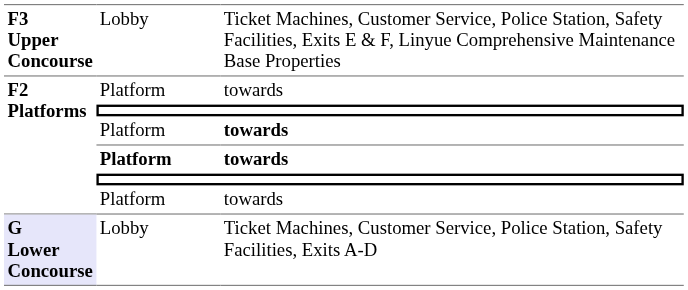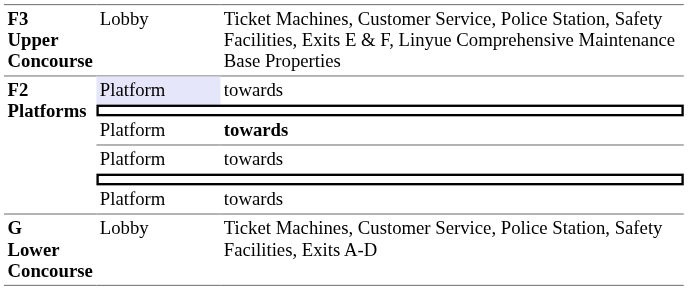 <table border=0 cellspacing=0 cellpadding=3>
 <tr>
 <td style="border-bottom:solid 1px gray; border-top:solid 1px gray;" width=50 valign=top><strong>F3<br>Upper Concourse</strong></td>
 <td style="border-bottom:solid 1px gray; border-top:solid 1px gray;" width=100 valign=top>Lobby</td>
 <td style="border-bottom:solid 1px gray; border-top:solid 1px gray;" width=390 valign=top>Ticket Machines, Customer Service, Police Station, Safety Facilities, Exits E & F, Linyue Comprehensive Maintenance Base Properties</td>
 </tr>
 <tr>
 <td style="border-bottom:solid 1px gray;" rowspan=6 valign=top><strong>F2<br>Platforms</strong></td>
-<td>Platform </td>
+<td style="background: lavender;">Platform </td>
 <td>  towards  </td>
 </tr>
 <tr>
 <td style="border-right:solid 2px black;border-left:solid 2px black;border-top:solid 2px black;border-bottom:solid 2px black;text-align:center;" colspan=2></td>
 </tr>
 <tr>
 <td style="border-bottom:solid 1px gray;">Platform </td>
 <td style="border-bottom:solid 1px gray;"><strong>  towards  </strong></td>
 </tr>
 <tr>
-<td><strong>Platform </strong></td>
-<td><strong> towards   </strong></td>
+<td>Platform </td>
+<td> towards   </td>
 </tr>
 <tr>
 <td style="border-right:solid 2px black;border-left:solid 2px black;border-top:solid 2px black;border-bottom:solid 2px black;text-align:center;" colspan=2></td>
 </tr>
 <tr>
 <td style="border-bottom:solid 1px gray;">Platform </td>
 <td style="border-bottom:solid 1px gray;"> towards   </td>
 </tr>
 <tr>
-<td style="background: lavender; border-bottom:solid 1px gray;" valign=top><strong>G<br>Lower Concourse</strong></td>
+<td style="border-bottom:solid 1px gray;" valign=top><strong>G<br>Lower Concourse</strong></td>
 <td style="border-bottom:solid 1px gray;" valign=top>Lobby</td>
 <td style="border-bottom:solid 1px gray;" valign=top>Ticket Machines, Customer Service, Police Station, Safety Facilities, Exits A-D</td>
 </tr>
 </table>
